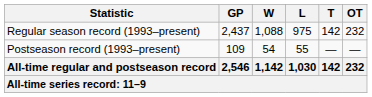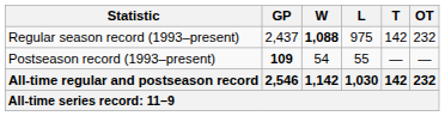 <table class="wikitable" style="text-align:center; font-size:95%">
 <tr>
 <th>Statistic</th>
 <th>GP</th>
 <th>W</th>
 <th>L</th>
 <th>T</th>
 <th>OT</th>
 </tr>
 <tr>
 <td style="text-align:left;">Regular season record (1993–present)</td>
 <td>2,437</td>
-<td>1,088</td>
+<td><strong>1,088</strong></td>
 <td>975</td>
 <td>142</td>
 <td>232</td>
 </tr>
 <tr>
 <td style="text-align:left;">Postseason record (1993–present)</td>
-<td>109</td>
+<td><strong>109</strong></td>
 <td>54</td>
 <td>55</td>
 <td>—</td>
 <td>—</td>
 </tr>
 <tr>
 <th style="text-align:left;">All-time regular and postseason record</th>
 <th>2,546</th>
 <th>1,142</th>
 <th>1,030</th>
 <th>142</th>
 <th>232</th>
 </tr>
 <tr>
 <th colspan="6" style="text-align:left; font-size:95%">All-time series record: 11–9</th>
 </tr>
 </table>
